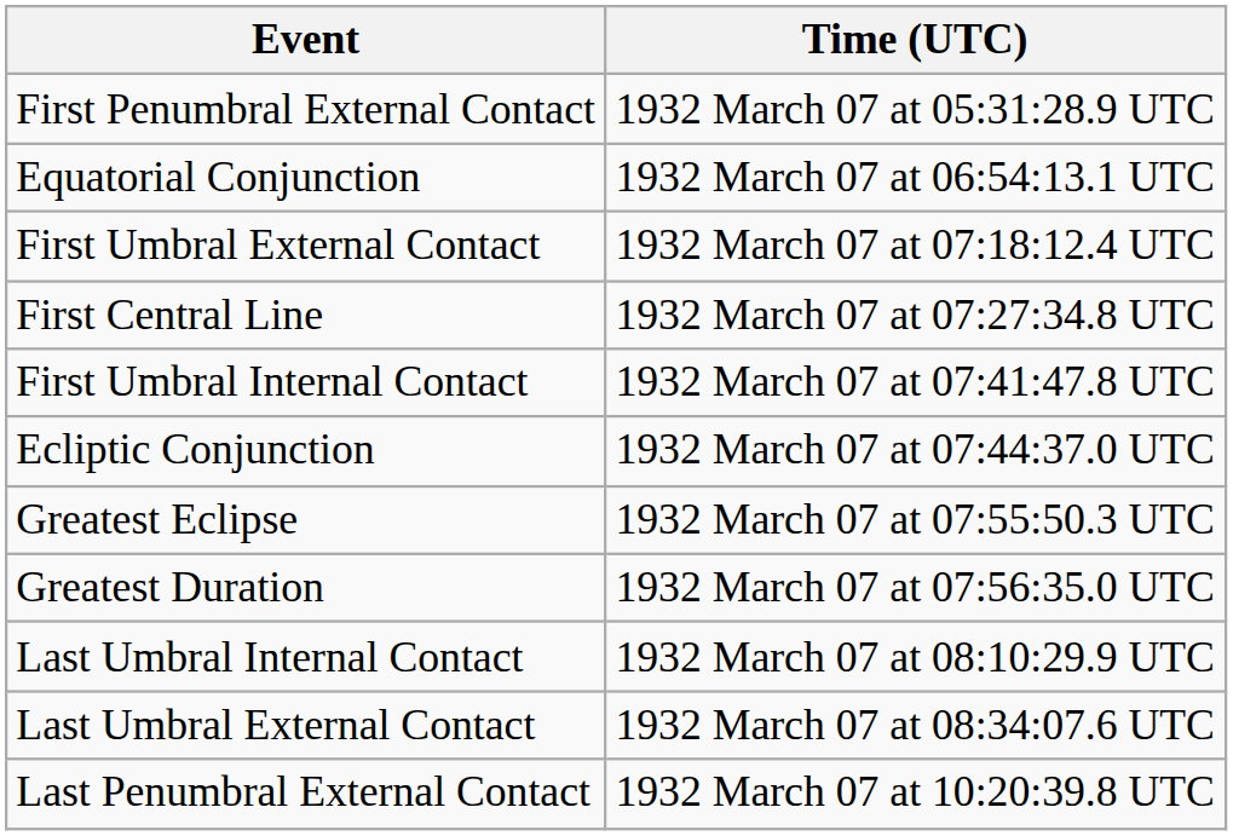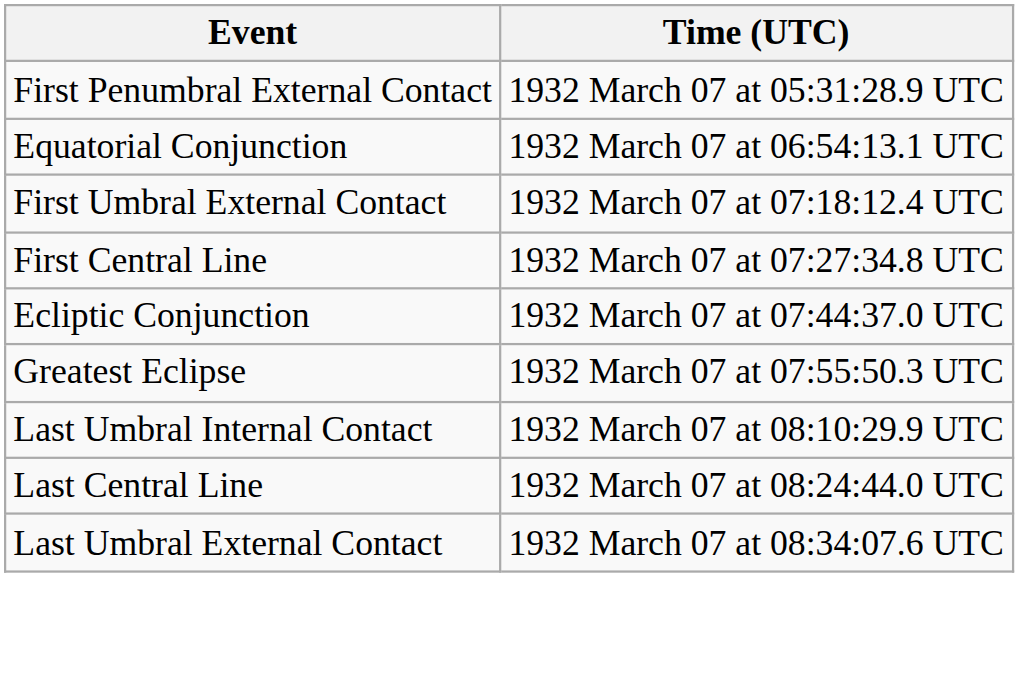 <table class="wikitable">
 <tr>
 <th>Event</th>
 <th>Time (UTC)</th>
 </tr>
 <tr>
 <td>First Penumbral External Contact</td>
 <td>1932 March 07 at 05:31:28.9 UTC</td>
 </tr>
 <tr>
 <td>Equatorial Conjunction</td>
 <td>1932 March 07 at 06:54:13.1 UTC</td>
 </tr>
 <tr>
 <td>First Umbral External Contact</td>
 <td>1932 March 07 at 07:18:12.4 UTC</td>
 </tr>
 <tr>
 <td>First Central Line</td>
 <td>1932 March 07 at 07:27:34.8 UTC</td>
 </tr>
 <tr>
-<td>First Umbral Internal Contact</td>
-<td>1932 March 07 at 07:41:47.8 UTC</td>
-</tr>
-<tr>
 <td>Ecliptic Conjunction</td>
 <td>1932 March 07 at 07:44:37.0 UTC</td>
 </tr>
 <tr>
 <td>Greatest Eclipse</td>
 <td>1932 March 07 at 07:55:50.3 UTC</td>
 </tr>
 <tr>
-<td>Greatest Duration</td>
-<td>1932 March 07 at 07:56:35.0 UTC</td>
+<td>Last Umbral Internal Contact</td>
+<td>1932 March 07 at 08:10:29.9 UTC</td>
 </tr>
 <tr>
-<td>Last Umbral Internal Contact</td>
-<td>1932 March 07 at 08:10:29.9 UTC</td>
+<td>Last Central Line</td>
+<td>1932 March 07 at 08:24:44.0 UTC</td>
 </tr>
 <tr>
 <td>Last Umbral External Contact</td>
 <td>1932 March 07 at 08:34:07.6 UTC</td>
 </tr>
-<tr>
-<td>Last Penumbral External Contact</td>
-<td>1932 March 07 at 10:20:39.8 UTC</td>
-</tr>
 </table>
